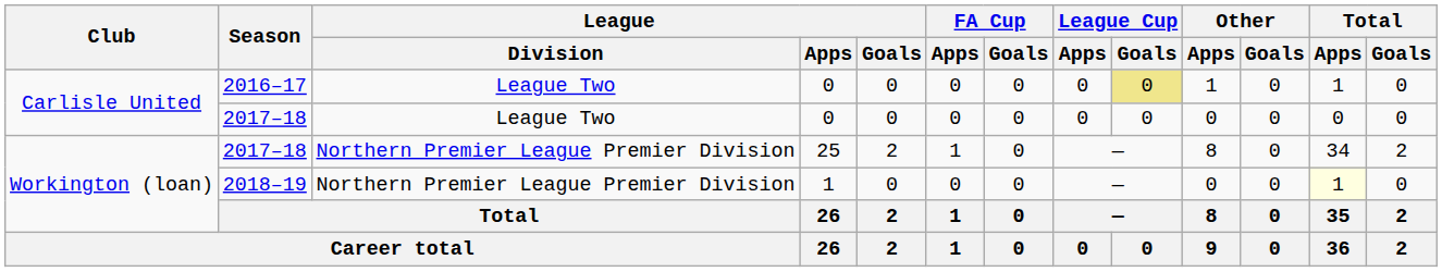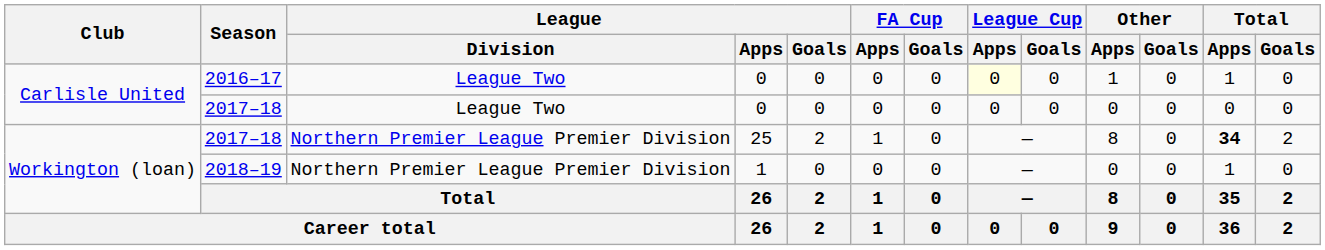 <table class="wikitable" style="text-align: center;">
 <tr>
 <th rowspan="2">Club</th>
 <th rowspan="2">Season</th>
 <th colspan="3">League</th>
 <th colspan="2"><a href='#'>FA Cup</a></th>
 <th colspan="2"><a href='#'>League Cup</a></th>
 <th colspan="2">Other</th>
 <th colspan="2">Total</th>
 </tr>
 <tr>
 <th>Division</th>
 <th>Apps</th>
 <th>Goals</th>
 <th>Apps</th>
 <th>Goals</th>
 <th>Apps</th>
 <th>Goals</th>
 <th>Apps</th>
 <th>Goals</th>
 <th>Apps</th>
 <th>Goals</th>
 </tr>
 <tr>
 <td rowspan="2" valign="center"><a href='#'>Carlisle United</a></td>
 <td><a href='#'>2016–17</a></td>
 <td><a href='#'>League Two</a></td>
 <td>0</td>
 <td>0</td>
 <td>0</td>
 <td>0</td>
+<td style="background: lightyellow;">0</td>
 <td>0</td>
-<td style="background: khaki;">0</td>
 <td>1</td>
 <td>0</td>
 <td>1</td>
 <td>0</td>
 </tr>
 <tr>
 <td><a href='#'>2017–18</a></td>
 <td>League Two</td>
 <td>0</td>
 <td>0</td>
 <td>0</td>
 <td>0</td>
 <td>0</td>
 <td>0</td>
 <td>0</td>
 <td>0</td>
 <td>0</td>
 <td>0</td>
 </tr>
 <tr>
 <td rowspan="3" valign="center"><a href='#'>Workington</a> (loan)</td>
 <td><a href='#'>2017–18</a></td>
 <td><a href='#'>Northern Premier League</a> Premier Division</td>
 <td>25</td>
 <td>2</td>
 <td>1</td>
 <td>0</td>
 <td colspan="2">—</td>
 <td>8</td>
 <td>0</td>
-<td>34</td>
+<td><strong>34</strong></td>
 <td>2</td>
 </tr>
 <tr>
 <td><a href='#'>2018–19</a></td>
 <td>Northern Premier League Premier Division</td>
 <td>1</td>
 <td>0</td>
 <td>0</td>
 <td>0</td>
 <td colspan="2">—</td>
 <td>0</td>
 <td>0</td>
-<td style="background: lightyellow;">1</td>
+<td>1</td>
 <td>0</td>
 </tr>
 <tr>
 <th colspan="2">Total</th>
 <th>26</th>
 <th>2</th>
 <th>1</th>
 <th>0</th>
 <th colspan="2">—</th>
 <th>8</th>
 <th>0</th>
 <th>35</th>
 <th>2</th>
 </tr>
 <tr>
 <th colspan="3">Career total</th>
 <th>26</th>
 <th>2</th>
 <th>1</th>
 <th>0</th>
 <th>0</th>
 <th>0</th>
 <th>9</th>
 <th>0</th>
 <th>36</th>
 <th>2</th>
 </tr>
 </table>
